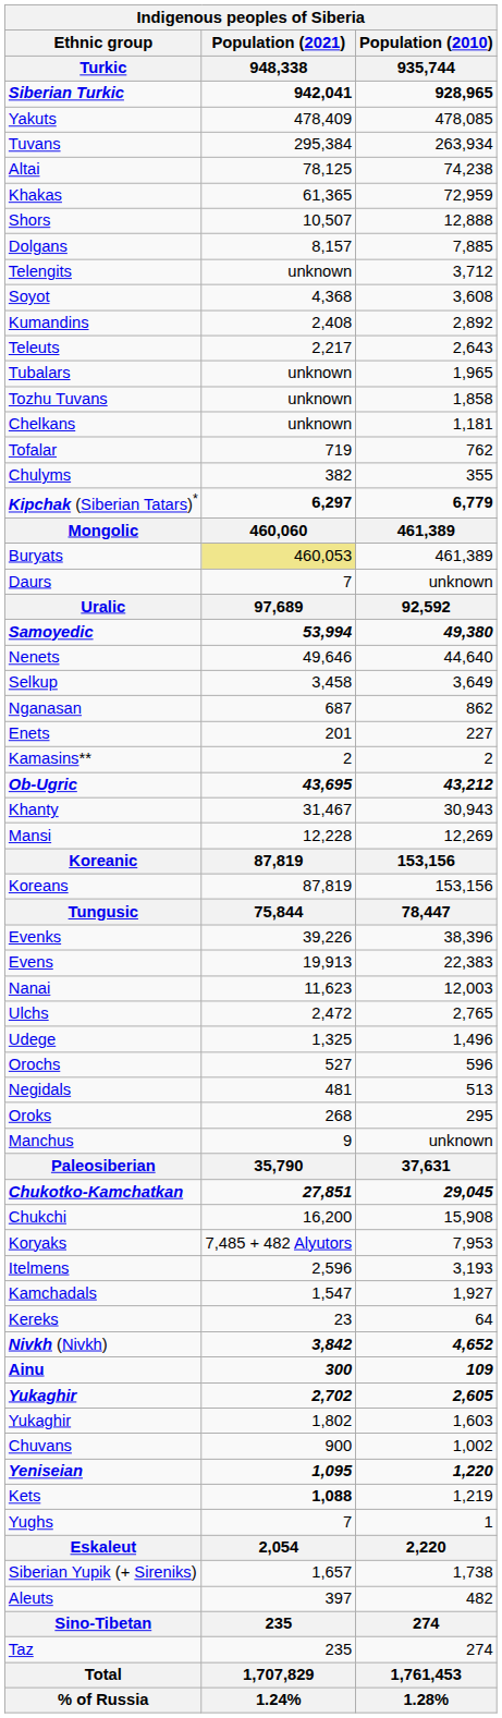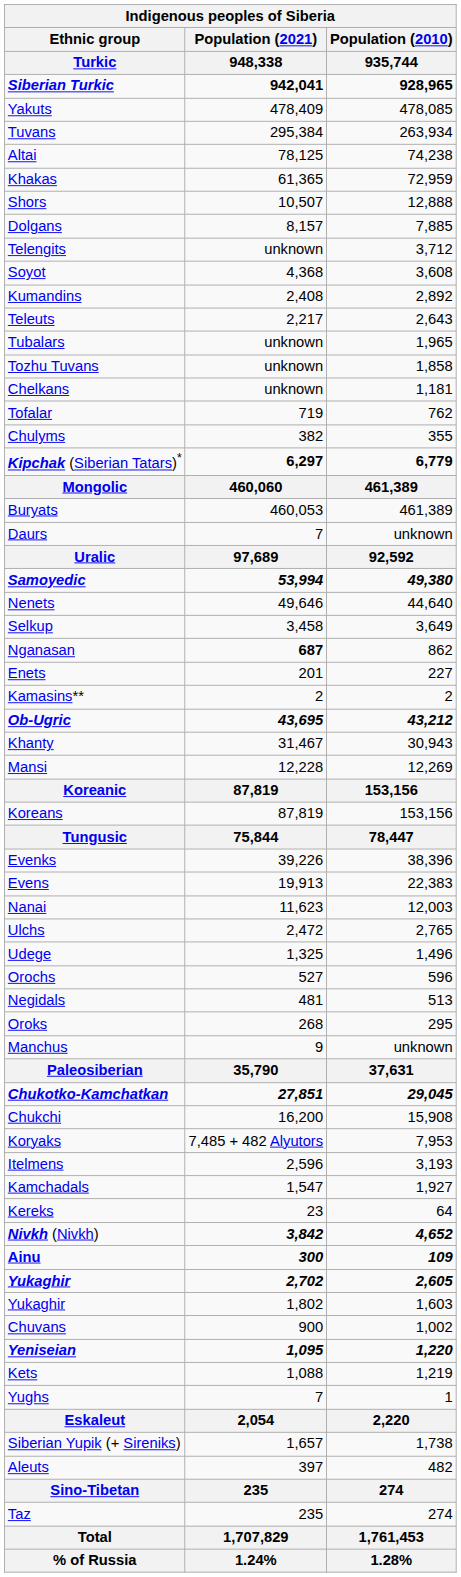 <table class="wikitable" style="text-align: right">
 <tr>
 <th colspan=3>Indigenous peoples of Siberia</th>
 </tr>
 <tr>
 <th>Ethnic group</th>
 <th>Population (<a href='#'>2021</a>)</th>
 <th>Population (<a href='#'>2010</a>)</th>
 </tr>
 <tr>
 <th><a href='#'>Turkic</a></th>
 <th> 948,338</th>
 <th>935,744</th>
 </tr>
 <tr>
 <td align="left"><strong><em><a href='#'>Siberian Turkic</a></em></strong></td>
 <td><strong>942,041</strong></td>
 <td><strong>928,965</strong></td>
 </tr>
 <tr>
 <td align="left"><a href='#'>Yakuts</a></td>
 <td>478,409</td>
 <td>478,085</td>
 </tr>
 <tr>
 <td align="left"><a href='#'>Tuvans</a></td>
 <td>295,384</td>
 <td>263,934</td>
 </tr>
 <tr>
 <td align="left"><a href='#'>Altai</a></td>
 <td>78,125</td>
 <td>74,238</td>
 </tr>
 <tr>
 <td align="left"><a href='#'>Khakas</a></td>
 <td>61,365</td>
 <td>72,959</td>
 </tr>
 <tr>
 <td align="left"><a href='#'>Shors</a></td>
 <td>10,507</td>
 <td>12,888</td>
 </tr>
 <tr>
 <td align="left"><a href='#'>Dolgans</a></td>
 <td>8,157</td>
 <td>7,885</td>
 </tr>
 <tr>
 <td align="left"><a href='#'>Telengits</a></td>
 <td>unknown</td>
 <td>3,712</td>
 </tr>
 <tr>
 <td align="left"><a href='#'>Soyot</a></td>
 <td>4,368</td>
 <td>3,608</td>
 </tr>
 <tr>
 <td align="left"><a href='#'>Kumandins</a></td>
 <td>2,408</td>
 <td>2,892</td>
 </tr>
 <tr>
 <td align="left"><a href='#'>Teleuts</a></td>
 <td>2,217</td>
 <td>2,643</td>
 </tr>
 <tr>
 <td align="left"><a href='#'>Tubalars</a></td>
 <td>unknown</td>
 <td>1,965</td>
 </tr>
 <tr>
 <td align="left"><a href='#'>Tozhu Tuvans</a></td>
 <td>unknown</td>
 <td>1,858</td>
 </tr>
 <tr>
 <td align="left"><a href='#'>Chelkans</a></td>
 <td>unknown</td>
 <td>1,181</td>
 </tr>
 <tr>
 <td align="left"><a href='#'>Tofalar</a></td>
 <td>719</td>
 <td>762</td>
 </tr>
 <tr>
 <td align="left"><a href='#'>Chulyms</a></td>
 <td>382</td>
 <td>355</td>
 </tr>
 <tr>
 <td align="left"><strong><em><a href='#'>Kipchak</a></em></strong> (<a href='#'>Siberian Tatars</a>)<sup>*</sup></td>
 <td><strong>6,297</strong></td>
 <td><strong>6,779</strong></td>
 </tr>
 <tr>
 <th><a href='#'>Mongolic</a></th>
 <th> 460,060</th>
 <th>461,389</th>
 </tr>
 <tr>
 <td align="left"><a href='#'>Buryats</a></td>
-<td style="background: khaki;">460,053</td>
+<td>460,053</td>
 <td>461,389</td>
 </tr>
 <tr>
 <td align="left"><a href='#'>Daurs</a></td>
 <td>7</td>
 <td>unknown</td>
 </tr>
 <tr>
 <th align="left"><a href='#'>Uralic</a></th>
 <th> 97,689</th>
 <th>92,592</th>
 </tr>
 <tr>
 <td align="left"><strong><a href='#'><em>Samoyedic</em></a></strong></td>
 <td><strong><em>53,994</em></strong></td>
 <td><strong><em>49,380</em></strong></td>
 </tr>
 <tr>
 <td align="left"><a href='#'>Nenets</a></td>
 <td>49,646</td>
 <td>44,640</td>
 </tr>
 <tr>
 <td align="left"><a href='#'>Selkup</a></td>
 <td>3,458</td>
 <td>3,649</td>
 </tr>
 <tr>
 <td align="left"><a href='#'>Nganasan</a></td>
-<td>687</td>
+<td><strong>687</strong></td>
 <td>862</td>
 </tr>
 <tr>
 <td align="left"><a href='#'>Enets</a></td>
 <td>201</td>
 <td>227</td>
 </tr>
 <tr>
 <td align="left"><a href='#'>Kamasins</a>**</td>
 <td>2</td>
 <td>2</td>
 </tr>
 <tr>
 <td align="left"><strong><a href='#'><em>Ob-Ugric</em></a></strong></td>
 <td><strong><em>43,695</em></strong></td>
 <td><strong><em>43,212</em></strong></td>
 </tr>
 <tr>
 <td align="left"><a href='#'>Khanty</a></td>
 <td>31,467</td>
 <td>30,943</td>
 </tr>
 <tr>
 <td align="left"><a href='#'>Mansi</a></td>
 <td>12,228</td>
 <td>12,269</td>
 </tr>
 <tr>
 <th><a href='#'>Koreanic</a></th>
 <th> 87,819</th>
 <th>153,156</th>
 </tr>
 <tr>
 <td align="left"><a href='#'>Koreans</a></td>
 <td>87,819</td>
 <td>153,156</td>
 </tr>
 <tr>
 <th><a href='#'>Tungusic</a></th>
 <th> 75,844</th>
 <th>78,447</th>
 </tr>
 <tr>
 <td align="left"><a href='#'>Evenks</a></td>
 <td>39,226</td>
 <td>38,396</td>
 </tr>
 <tr>
 <td align="left"><a href='#'>Evens</a></td>
 <td>19,913</td>
 <td>22,383</td>
 </tr>
 <tr>
 <td align="left"><a href='#'>Nanai</a></td>
 <td>11,623</td>
 <td>12,003</td>
 </tr>
 <tr>
 <td align="left"><a href='#'>Ulchs</a></td>
 <td>2,472</td>
 <td>2,765</td>
 </tr>
 <tr>
 <td align="left"><a href='#'>Udege</a></td>
 <td>1,325</td>
 <td>1,496</td>
 </tr>
 <tr>
 <td align="left"><a href='#'>Orochs</a></td>
 <td>527</td>
 <td>596</td>
 </tr>
 <tr>
 <td align="left"><a href='#'>Negidals</a></td>
 <td>481</td>
 <td>513</td>
 </tr>
 <tr>
 <td align="left"><a href='#'>Oroks</a></td>
 <td>268</td>
 <td>295</td>
 </tr>
 <tr>
 <td align="left"><a href='#'>Manchus</a></td>
 <td>9</td>
 <td>unknown</td>
 </tr>
 <tr>
 <th align="left"><a href='#'>Paleosiberian</a></th>
 <th> 35,790</th>
 <th>37,631</th>
 </tr>
 <tr>
 <td align="left"><strong><em><a href='#'>Chukotko-Kamchatkan</a></em></strong></td>
 <td><strong><em>27,851</em></strong></td>
 <td><strong><em>29,045</em></strong></td>
 </tr>
 <tr>
 <td align="left"><a href='#'>Chukchi</a></td>
 <td>16,200</td>
 <td>15,908</td>
 </tr>
 <tr>
 <td align="left"><a href='#'>Koryaks</a></td>
 <td>7,485 + 482 <a href='#'>Alyutors</a></td>
 <td>7,953</td>
 </tr>
 <tr>
 <td align="left"><a href='#'>Itelmens</a></td>
 <td>2,596</td>
 <td>3,193</td>
 </tr>
 <tr>
 <td align="left"><a href='#'>Kamchadals</a></td>
 <td>1,547</td>
 <td>1,927</td>
 </tr>
 <tr>
 <td align="left"><a href='#'>Kereks</a></td>
 <td>23</td>
 <td>64</td>
 </tr>
 <tr>
 <td align="left"><strong><a href='#'><em>Nivkh</em></a></strong> (<a href='#'>Nivkh</a>)</td>
 <td><strong><em>3,842</em></strong></td>
 <td><strong><em>4,652</em></strong></td>
 </tr>
 <tr>
 <td align="left"><strong><a href='#'>Ainu</a></strong></td>
 <td><strong><em>300</em></strong></td>
 <td><strong><em>109</em></strong></td>
 </tr>
 <tr>
 <td align="left"><strong><a href='#'><em>Yukaghir</em></a></strong></td>
 <td><strong><em>2,702</em></strong></td>
 <td><strong><em>2,605</em></strong></td>
 </tr>
 <tr>
 <td align="left"><a href='#'>Yukaghir</a></td>
 <td>1,802</td>
 <td>1,603</td>
 </tr>
 <tr>
 <td align="left"><a href='#'>Chuvans</a></td>
 <td>900</td>
 <td>1,002</td>
 </tr>
 <tr>
 <td align="left"><strong><a href='#'><em>Yeniseian</em></a></strong></td>
 <td><strong><em>1,095</em></strong></td>
 <td><strong><em>1,220</em></strong></td>
 </tr>
 <tr>
 <td align="left"><a href='#'>Kets</a></td>
-<td><strong>1,088</strong></td>
+<td>1,088</td>
 <td>1,219</td>
 </tr>
 <tr>
 <td align="left"><a href='#'>Yughs</a></td>
 <td>7</td>
 <td>1</td>
 </tr>
 <tr>
 <th align="left"><a href='#'>Eskaleut</a></th>
 <th> 2,054</th>
 <th>2,220</th>
 </tr>
 <tr>
 <td align="left"><a href='#'>Siberian Yupik</a> (+ <a href='#'>Sireniks</a>)</td>
 <td>1,657</td>
 <td>1,738</td>
 </tr>
 <tr>
 <td align="left"><a href='#'>Aleuts</a></td>
 <td>397</td>
 <td>482</td>
 </tr>
 <tr>
 <th align="left"><a href='#'>Sino-Tibetan</a></th>
 <th> 235</th>
 <th>274</th>
 </tr>
 <tr>
 <td align="left"><a href='#'>Taz</a></td>
 <td>235</td>
 <td>274</td>
 </tr>
 <tr>
 <th>Total</th>
 <th> 1,707,829</th>
 <th>1,761,453</th>
 </tr>
 <tr>
 <th>% of Russia</th>
 <th> 1.24%</th>
 <th>1.28%</th>
 </tr>
 </table>
